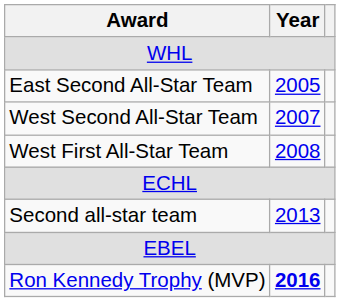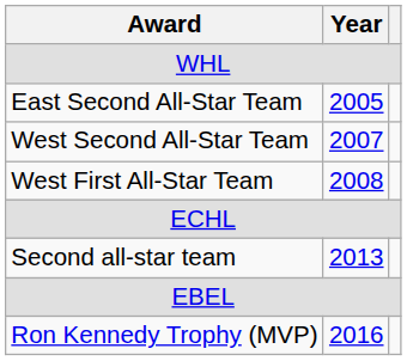 <table class="wikitable">
 <tr>
 <th>Award</th>
 <th>Year</th>
 <th></th>
 </tr>
 <tr ALIGN="center" bgcolor="#e0e0e0">
 <td colspan="3"><a href='#'>WHL</a></td>
 </tr>
 <tr>
 <td>East Second All-Star Team</td>
 <td><a href='#'>2005</a></td>
 <td></td>
 </tr>
 <tr>
 <td>West Second All-Star Team</td>
 <td><a href='#'>2007</a></td>
 <td></td>
 </tr>
 <tr>
 <td>West First All-Star Team</td>
 <td><a href='#'>2008</a></td>
 <td></td>
 </tr>
 <tr ALIGN="center" bgcolor="#e0e0e0">
 <td colspan="3"><a href='#'>ECHL</a></td>
 </tr>
 <tr>
 <td>Second all-star team</td>
 <td><a href='#'>2013</a></td>
 <td></td>
 </tr>
 <tr ALIGN="center" bgcolor="#e0e0e0">
 <td colspan="3"><a href='#'>EBEL</a></td>
 </tr>
 <tr>
 <td><a href='#'>Ron Kennedy Trophy</a> (MVP)</td>
-<td><strong><a href='#'>2016</a></strong></td>
+<td><a href='#'>2016</a></td>
 <td></td>
 </tr>
 </table>
